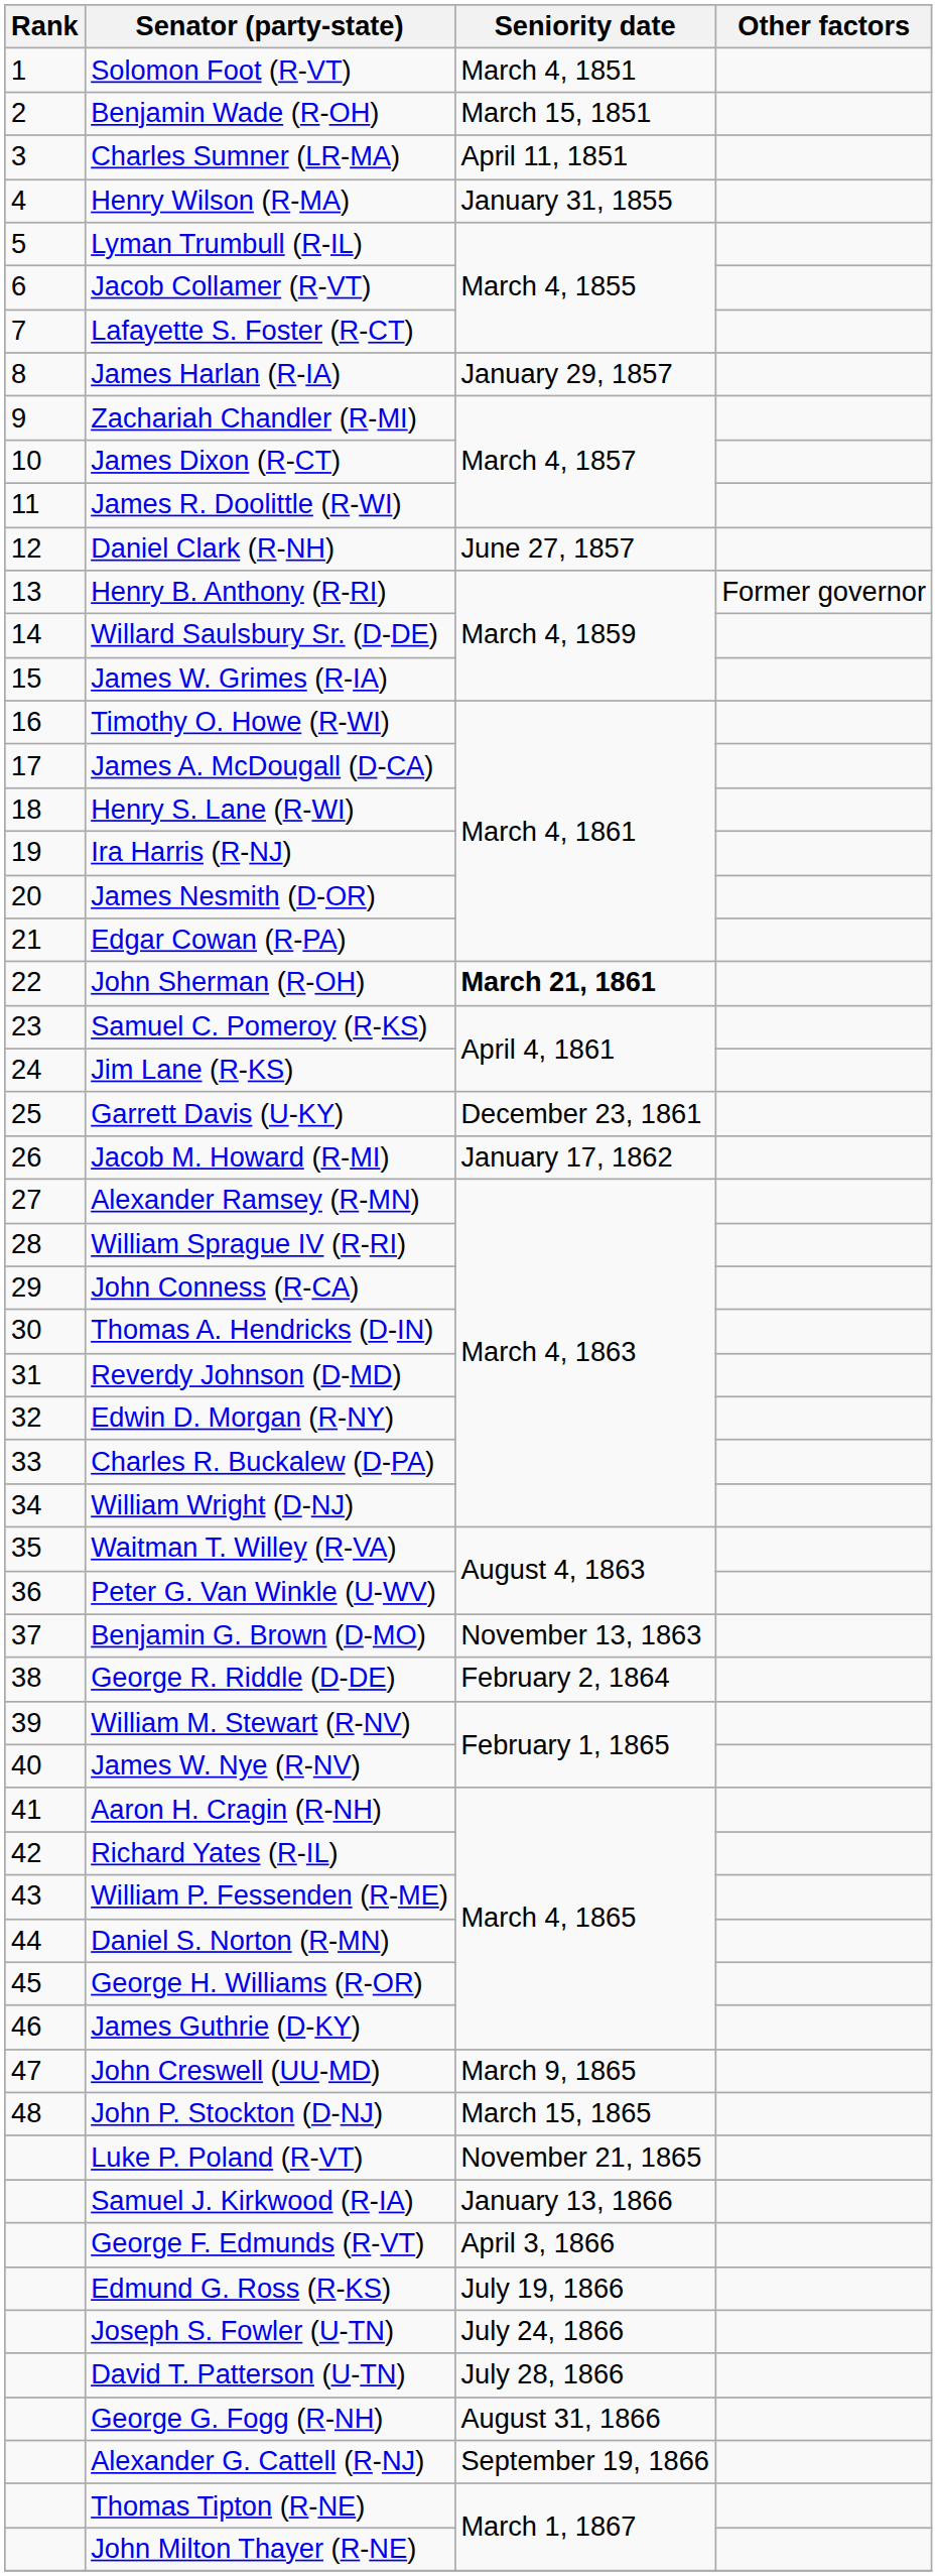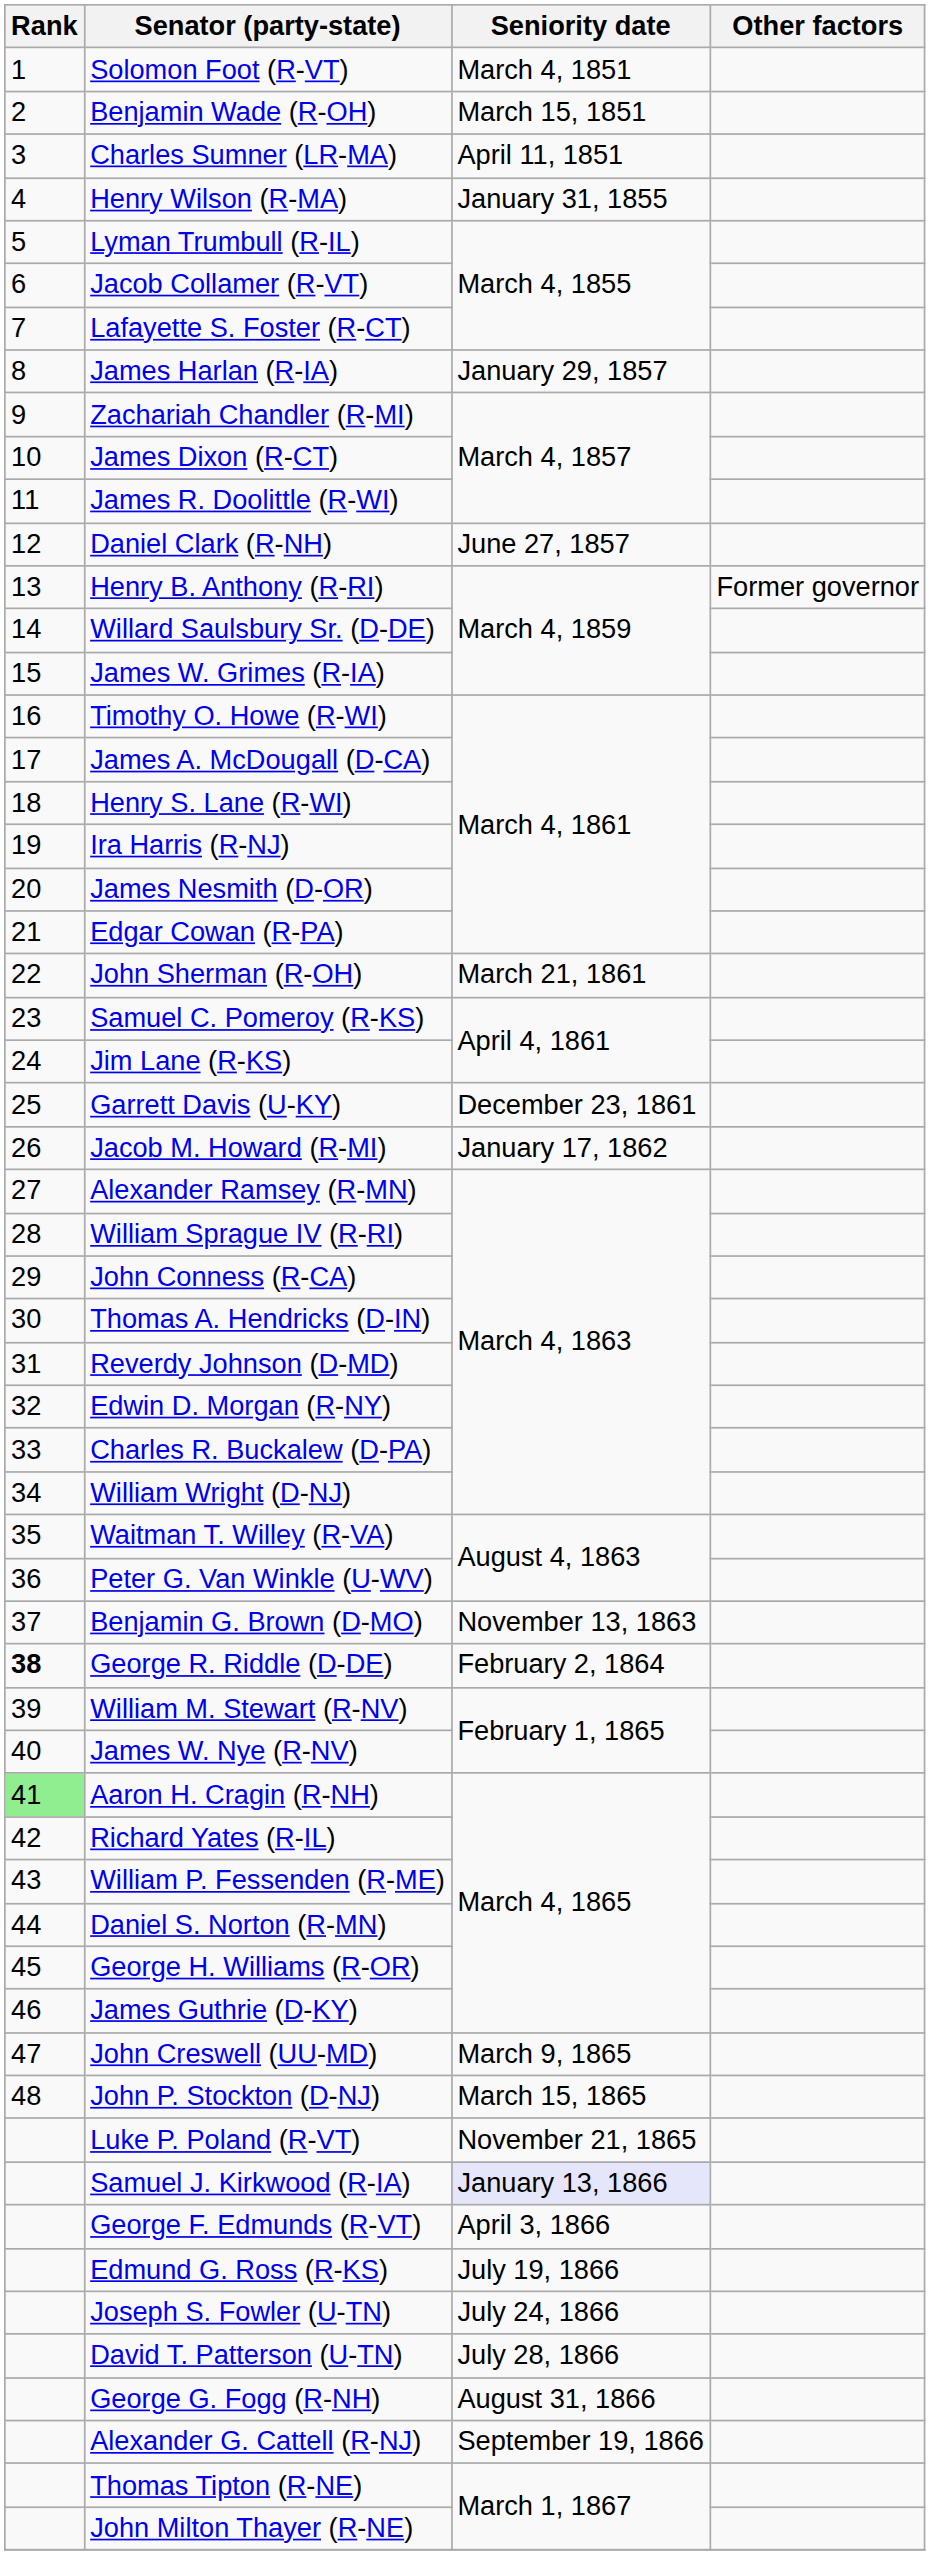 <table class=wikitable>
 <tr>
 <th>Rank</th>
 <th>Senator (party-state)</th>
 <th>Seniority date</th>
 <th>Other factors</th>
 </tr>
 <tr>
 <td>1</td>
 <td><a href='#'>Solomon Foot</a> (<a href='#'>R</a>-<a href='#'>VT</a>)</td>
 <td>March 4, 1851</td>
 <td></td>
 </tr>
 <tr>
 <td>2</td>
 <td><a href='#'>Benjamin Wade</a> (<a href='#'>R</a>-<a href='#'>OH</a>)</td>
 <td>March 15, 1851</td>
 <td></td>
 </tr>
 <tr>
 <td>3</td>
 <td><a href='#'>Charles Sumner</a> (<a href='#'>LR</a>-<a href='#'>MA</a>)</td>
 <td>April 11, 1851</td>
 <td></td>
 </tr>
 <tr>
 <td>4</td>
 <td><a href='#'>Henry Wilson</a> (<a href='#'>R</a>-<a href='#'>MA</a>)</td>
 <td>January 31, 1855</td>
 <td></td>
 </tr>
 <tr>
 <td>5</td>
 <td><a href='#'>Lyman Trumbull</a> (<a href='#'>R</a>-<a href='#'>IL</a>)</td>
 <td rowspan=3>March 4, 1855</td>
 <td></td>
 </tr>
 <tr>
 <td>6</td>
 <td><a href='#'>Jacob Collamer</a> (<a href='#'>R</a>-<a href='#'>VT</a>)</td>
 <td></td>
 </tr>
 <tr>
 <td>7</td>
 <td><a href='#'>Lafayette S. Foster</a> (<a href='#'>R</a>-<a href='#'>CT</a>)</td>
 <td></td>
 </tr>
 <tr>
 <td>8</td>
 <td><a href='#'>James Harlan</a> (<a href='#'>R</a>-<a href='#'>IA</a>)</td>
 <td>January 29, 1857</td>
 <td></td>
 </tr>
 <tr>
 <td>9</td>
 <td><a href='#'>Zachariah Chandler</a> (<a href='#'>R</a>-<a href='#'>MI</a>)</td>
 <td rowspan=3>March 4, 1857</td>
 <td></td>
 </tr>
 <tr>
 <td>10</td>
 <td><a href='#'>James Dixon</a> (<a href='#'>R</a>-<a href='#'>CT</a>)</td>
 <td></td>
 </tr>
 <tr>
 <td>11</td>
 <td><a href='#'>James R. Doolittle</a> (<a href='#'>R</a>-<a href='#'>WI</a>)</td>
 <td></td>
 </tr>
 <tr>
 <td>12</td>
 <td><a href='#'>Daniel Clark</a> (<a href='#'>R</a>-<a href='#'>NH</a>)</td>
 <td>June 27, 1857</td>
 <td></td>
 </tr>
 <tr>
 <td>13</td>
 <td><a href='#'>Henry B. Anthony</a> (<a href='#'>R</a>-<a href='#'>RI</a>)</td>
 <td rowspan=3>March 4, 1859</td>
 <td>Former governor</td>
 </tr>
 <tr>
 <td>14</td>
 <td><a href='#'>Willard Saulsbury Sr.</a> (<a href='#'>D</a>-<a href='#'>DE</a>)</td>
 <td></td>
 </tr>
 <tr>
 <td>15</td>
 <td><a href='#'>James W. Grimes</a> (<a href='#'>R</a>-<a href='#'>IA</a>)</td>
 <td></td>
 </tr>
 <tr>
 <td>16</td>
 <td><a href='#'>Timothy O. Howe</a> (<a href='#'>R</a>-<a href='#'>WI</a>)</td>
 <td rowspan=6>March 4, 1861</td>
 <td></td>
 </tr>
 <tr>
 <td>17</td>
 <td><a href='#'>James A. McDougall</a> (<a href='#'>D</a>-<a href='#'>CA</a>)</td>
 <td></td>
 </tr>
 <tr>
 <td>18</td>
 <td><a href='#'>Henry S. Lane</a> (<a href='#'>R</a>-<a href='#'>WI</a>)</td>
 <td></td>
 </tr>
 <tr>
 <td>19</td>
 <td><a href='#'>Ira Harris</a> (<a href='#'>R</a>-<a href='#'>NJ</a>)</td>
 <td></td>
 </tr>
 <tr>
 <td>20</td>
 <td><a href='#'>James Nesmith</a> (<a href='#'>D</a>-<a href='#'>OR</a>)</td>
 <td></td>
 </tr>
 <tr>
 <td>21</td>
 <td><a href='#'>Edgar Cowan</a> (<a href='#'>R</a>-<a href='#'>PA</a>)</td>
 <td></td>
 </tr>
 <tr>
 <td>22</td>
 <td><a href='#'>John Sherman</a> (<a href='#'>R</a>-<a href='#'>OH</a>)</td>
-<td><strong>March 21, 1861</strong></td>
+<td>March 21, 1861</td>
 <td></td>
 </tr>
 <tr>
 <td>23</td>
 <td><a href='#'>Samuel C. Pomeroy</a> (<a href='#'>R</a>-<a href='#'>KS</a>)</td>
 <td rowspan=2>April 4, 1861</td>
 <td></td>
 </tr>
 <tr>
 <td>24</td>
 <td><a href='#'>Jim Lane</a> (<a href='#'>R</a>-<a href='#'>KS</a>)</td>
 <td></td>
 </tr>
 <tr>
 <td>25</td>
 <td><a href='#'>Garrett Davis</a> (<a href='#'>U</a>-<a href='#'>KY</a>)</td>
 <td>December 23, 1861</td>
 <td></td>
 </tr>
 <tr>
 <td>26</td>
 <td><a href='#'>Jacob M. Howard</a> (<a href='#'>R</a>-<a href='#'>MI</a>)</td>
 <td>January 17, 1862</td>
 <td></td>
 </tr>
 <tr>
 <td>27</td>
 <td><a href='#'>Alexander Ramsey</a> (<a href='#'>R</a>-<a href='#'>MN</a>)</td>
 <td rowspan=8>March 4, 1863</td>
 <td></td>
 </tr>
 <tr>
 <td>28</td>
 <td><a href='#'>William Sprague IV</a> (<a href='#'>R</a>-<a href='#'>RI</a>)</td>
 <td></td>
 </tr>
 <tr>
 <td>29</td>
 <td><a href='#'>John Conness</a> (<a href='#'>R</a>-<a href='#'>CA</a>)</td>
 <td></td>
 </tr>
 <tr>
 <td>30</td>
 <td><a href='#'>Thomas A. Hendricks</a> (<a href='#'>D</a>-<a href='#'>IN</a>)</td>
 <td></td>
 </tr>
 <tr>
 <td>31</td>
 <td><a href='#'>Reverdy Johnson</a> (<a href='#'>D</a>-<a href='#'>MD</a>)</td>
 <td></td>
 </tr>
 <tr>
 <td>32</td>
 <td><a href='#'>Edwin D. Morgan</a> (<a href='#'>R</a>-<a href='#'>NY</a>)</td>
 <td></td>
 </tr>
 <tr>
 <td>33</td>
 <td><a href='#'>Charles R. Buckalew</a> (<a href='#'>D</a>-<a href='#'>PA</a>)</td>
 <td></td>
 </tr>
 <tr>
 <td>34</td>
 <td><a href='#'>William Wright</a> (<a href='#'>D</a>-<a href='#'>NJ</a>)</td>
 <td></td>
 </tr>
 <tr>
 <td>35</td>
 <td><a href='#'>Waitman T. Willey</a> (<a href='#'>R</a>-<a href='#'>VA</a>)</td>
 <td rowspan=2>August 4, 1863</td>
 <td></td>
 </tr>
 <tr>
 <td>36</td>
 <td><a href='#'>Peter G. Van Winkle</a> (<a href='#'>U</a>-<a href='#'>WV</a>)</td>
 <td></td>
 </tr>
 <tr>
 <td>37</td>
 <td><a href='#'>Benjamin G. Brown</a> (<a href='#'>D</a>-<a href='#'>MO</a>)</td>
 <td>November 13, 1863</td>
 <td></td>
 </tr>
 <tr>
-<td>38</td>
+<td><strong>38</strong></td>
 <td><a href='#'>George R. Riddle</a> (<a href='#'>D</a>-<a href='#'>DE</a>)</td>
 <td>February 2, 1864</td>
 <td></td>
 </tr>
 <tr>
 <td>39</td>
 <td><a href='#'>William M. Stewart</a> (<a href='#'>R</a>-<a href='#'>NV</a>)</td>
 <td rowspan=2>February 1, 1865</td>
 <td></td>
 </tr>
 <tr>
 <td>40</td>
 <td><a href='#'>James W. Nye</a> (<a href='#'>R</a>-<a href='#'>NV</a>)</td>
 <td></td>
 </tr>
 <tr>
-<td>41</td>
+<td style="background: lightgreen;">41</td>
 <td><a href='#'>Aaron H. Cragin</a> (<a href='#'>R</a>-<a href='#'>NH</a>)</td>
 <td rowspan=6>March 4, 1865</td>
 <td></td>
 </tr>
 <tr>
 <td>42</td>
 <td><a href='#'>Richard Yates</a> (<a href='#'>R</a>-<a href='#'>IL</a>)</td>
 <td></td>
 </tr>
 <tr>
 <td>43</td>
 <td><a href='#'>William P. Fessenden</a> (<a href='#'>R</a>-<a href='#'>ME</a>)</td>
 <td></td>
 </tr>
 <tr>
 <td>44</td>
 <td><a href='#'>Daniel S. Norton</a> (<a href='#'>R</a>-<a href='#'>MN</a>)</td>
 <td></td>
 </tr>
 <tr>
 <td>45</td>
 <td><a href='#'>George H. Williams</a> (<a href='#'>R</a>-<a href='#'>OR</a>)</td>
 <td></td>
 </tr>
 <tr>
 <td>46</td>
 <td><a href='#'>James Guthrie</a> (<a href='#'>D</a>-<a href='#'>KY</a>)</td>
 <td></td>
 </tr>
 <tr>
 <td>47</td>
 <td><a href='#'>John Creswell</a> (<a href='#'>UU</a>-<a href='#'>MD</a>)</td>
 <td>March 9, 1865</td>
 <td></td>
 </tr>
 <tr>
 <td>48</td>
 <td><a href='#'>John P. Stockton</a> (<a href='#'>D</a>-<a href='#'>NJ</a>)</td>
 <td>March 15, 1865</td>
 <td></td>
 </tr>
 <tr>
 <td></td>
 <td><a href='#'>Luke P. Poland</a> (<a href='#'>R</a>-<a href='#'>VT</a>)</td>
 <td>November 21, 1865</td>
 <td></td>
 </tr>
 <tr>
 <td></td>
 <td><a href='#'>Samuel J. Kirkwood</a> (<a href='#'>R</a>-<a href='#'>IA</a>)</td>
-<td>January 13, 1866</td>
+<td style="background: lavender;">January 13, 1866</td>
 <td></td>
 </tr>
 <tr>
 <td></td>
 <td><a href='#'>George F. Edmunds</a> (<a href='#'>R</a>-<a href='#'>VT</a>)</td>
 <td>April 3, 1866</td>
 <td></td>
 </tr>
 <tr>
 <td></td>
 <td><a href='#'>Edmund G. Ross</a> (<a href='#'>R</a>-<a href='#'>KS</a>)</td>
 <td>July 19, 1866</td>
 <td></td>
 </tr>
 <tr>
 <td></td>
 <td><a href='#'>Joseph S. Fowler</a> (<a href='#'>U</a>-<a href='#'>TN</a>)</td>
 <td>July 24, 1866</td>
 <td></td>
 </tr>
 <tr>
 <td></td>
 <td><a href='#'>David T. Patterson</a> (<a href='#'>U</a>-<a href='#'>TN</a>)</td>
 <td>July 28, 1866</td>
 <td></td>
 </tr>
 <tr>
 <td></td>
 <td><a href='#'>George G. Fogg</a> (<a href='#'>R</a>-<a href='#'>NH</a>)</td>
 <td>August 31, 1866</td>
 <td></td>
 </tr>
 <tr>
 <td></td>
 <td><a href='#'>Alexander G. Cattell</a> (<a href='#'>R</a>-<a href='#'>NJ</a>)</td>
 <td>September 19, 1866</td>
 <td></td>
 </tr>
 <tr>
 <td></td>
 <td><a href='#'>Thomas Tipton</a> (<a href='#'>R</a>-<a href='#'>NE</a>)</td>
 <td rowspan=2>March 1, 1867</td>
 <td></td>
 </tr>
 <tr>
 <td></td>
 <td><a href='#'>John Milton Thayer</a> (<a href='#'>R</a>-<a href='#'>NE</a>)</td>
 <td></td>
 </tr>
 <tr>
 </tr>
 </table>
